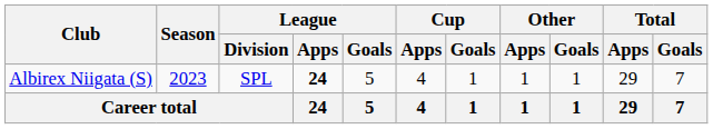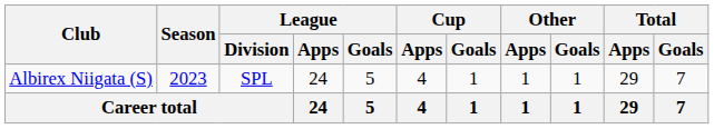 <table class=wikitable style=text-align:center>
 <tr>
 <th rowspan=2>Club</th>
 <th rowspan=2>Season</th>
 <th colspan=3>League</th>
 <th colspan=2>Cup</th>
 <th colspan=2>Other</th>
 <th colspan=2>Total</th>
 </tr>
 <tr>
 <th>Division</th>
 <th>Apps</th>
 <th>Goals</th>
 <th>Apps</th>
 <th>Goals</th>
 <th>Apps</th>
 <th>Goals</th>
 <th>Apps</th>
 <th>Goals</th>
 </tr>
 <tr>
 <td><a href='#'>Albirex Niigata (S)</a></td>
 <td><a href='#'>2023</a></td>
 <td><a href='#'>SPL</a></td>
-<td><strong>24</strong></td>
+<td>24</td>
 <td>5</td>
 <td>4</td>
 <td>1</td>
 <td>1</td>
 <td>1</td>
 <td>29</td>
 <td>7</td>
 </tr>
 <tr>
 <th colspan=3>Career total</th>
 <th>24</th>
 <th>5</th>
 <th>4</th>
 <th>1</th>
 <th>1</th>
 <th>1</th>
 <th>29</th>
 <th>7</th>
 </tr>
 </table>
